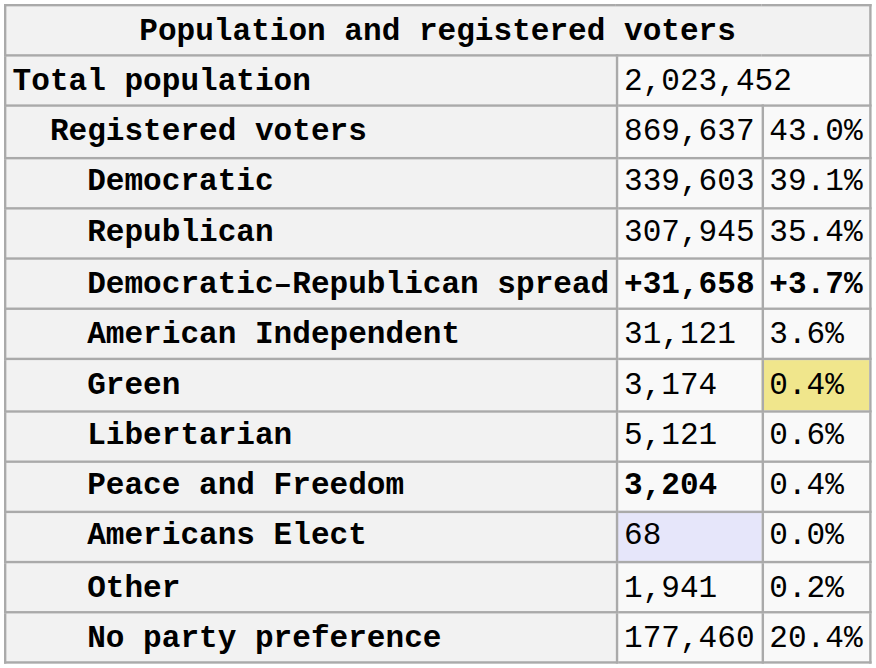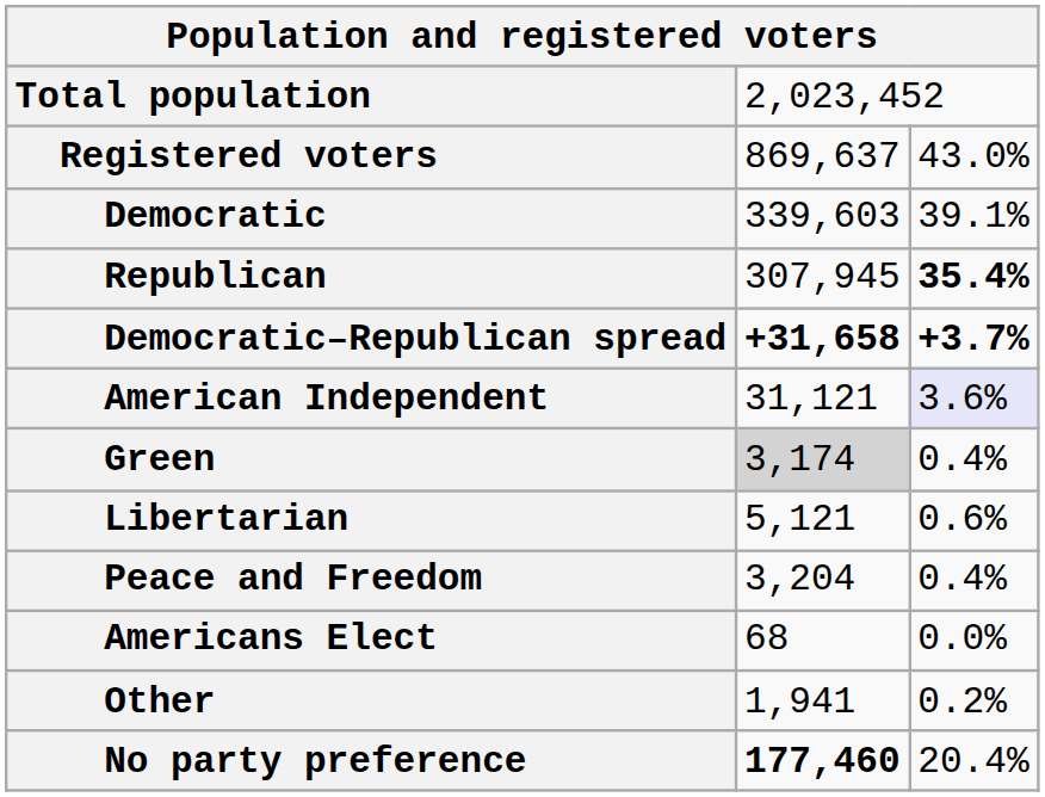 <table class="wikitable collapsible collapsed">
 <tr>
 <th colspan="3">Population and registered voters</th>
 </tr>
 <tr>
 <th scope="row" style="text-align: left;">Total population</th>
 <td colspan="2">2,023,452</td>
 </tr>
 <tr>
 <th scope="row" style="text-align: left;">  Registered voters</th>
 <td>869,637</td>
 <td>43.0%</td>
 </tr>
 <tr>
 <th scope="row" style="text-align: left;">    Democratic</th>
 <td>339,603</td>
 <td>39.1%</td>
 </tr>
 <tr>
 <th scope="row" style="text-align: left;">    Republican</th>
 <td>307,945</td>
-<td>35.4%</td>
+<td><strong>35.4%</strong></td>
 </tr>
 <tr>
 <th scope="row" style="text-align: left;">    Democratic–Republican spread</th>
 <td><span><strong>+31,658</strong></span></td>
 <td><span><strong>+3.7%</strong></span></td>
 </tr>
 <tr>
 <th scope="row" style="text-align: left;">    American Independent</th>
 <td>31,121</td>
-<td>3.6%</td>
+<td style="background: lavender;">3.6%</td>
 </tr>
 <tr>
 <th scope="row" style="text-align: left;">    Green</th>
-<td>3,174</td>
-<td style="background: khaki;">0.4%</td>
+<td style="background: lightgrey;">3,174</td>
+<td>0.4%</td>
 </tr>
 <tr>
 <th scope="row" style="text-align: left;">    Libertarian</th>
 <td>5,121</td>
 <td>0.6%</td>
 </tr>
 <tr>
 <th scope="row" style="text-align: left;">    Peace and Freedom</th>
-<td><strong>3,204</strong></td>
+<td>3,204</td>
 <td>0.4%</td>
 </tr>
 <tr>
 <th scope="row" style="text-align: left;">    Americans Elect</th>
-<td style="background: lavender;">68</td>
+<td>68</td>
 <td>0.0%</td>
 </tr>
 <tr>
 <th scope="row" style="text-align: left;">    Other</th>
 <td>1,941</td>
 <td>0.2%</td>
 </tr>
 <tr>
 <th scope="row" style="text-align: left;">    No party preference</th>
-<td>177,460</td>
+<td><strong>177,460</strong></td>
 <td>20.4%</td>
 </tr>
 </table>
